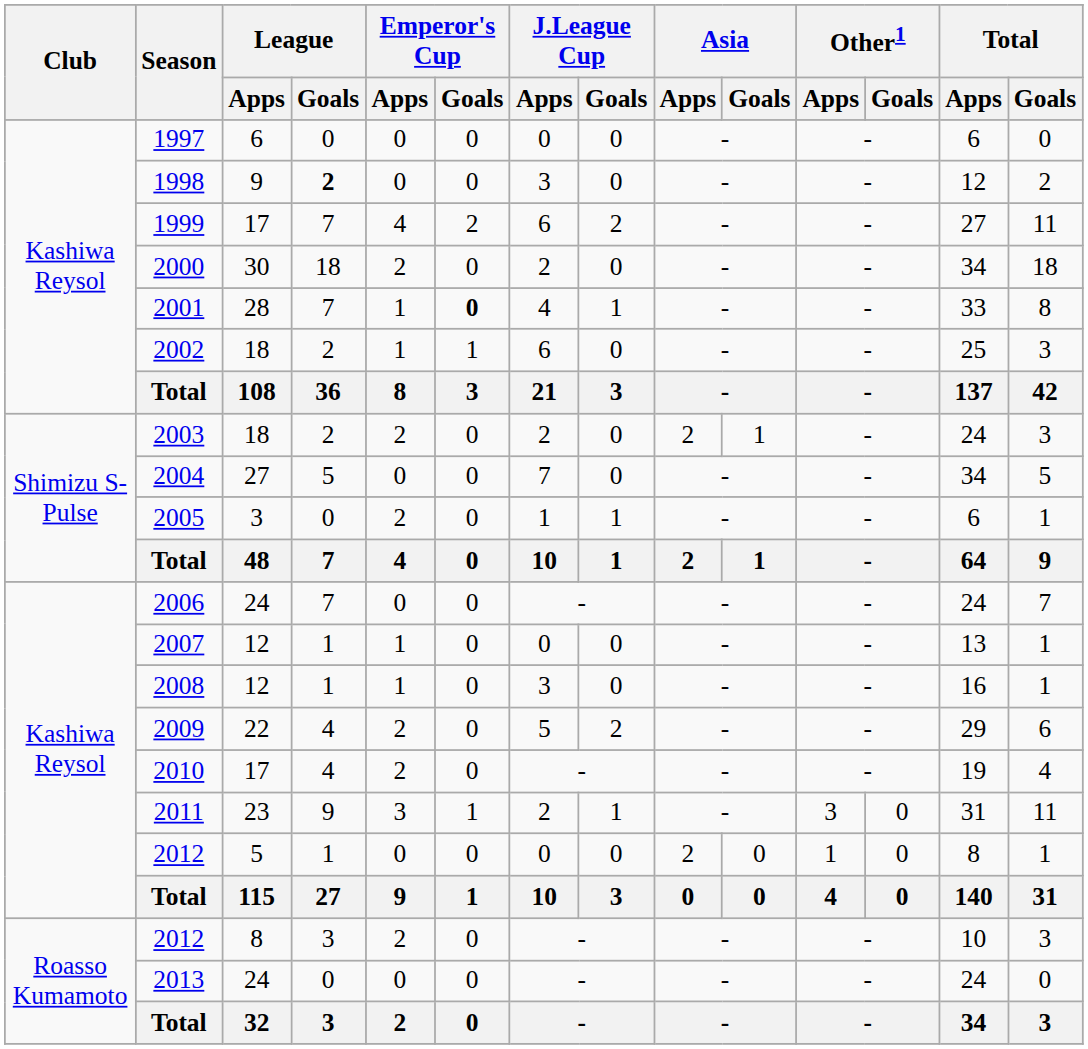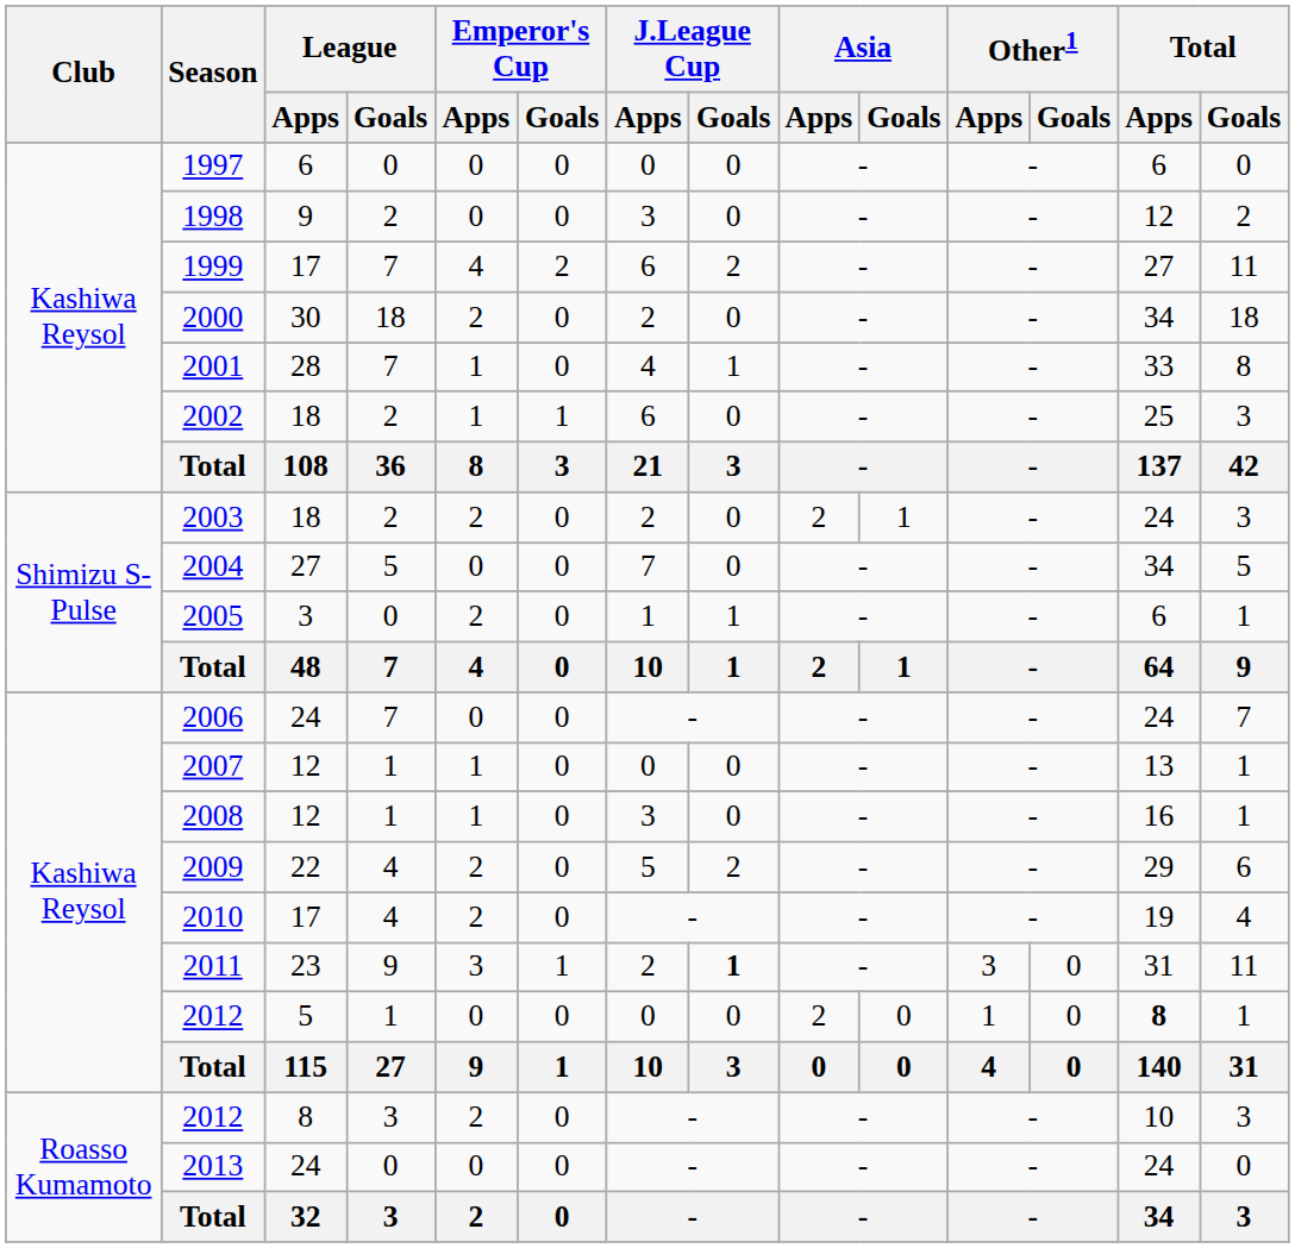 <table class="wikitable" style="font-size:90%; text-align:center;">
 <tr>
 <th rowspan="2">Club</th>
 <th rowspan="2">Season</th>
 <th colspan="2">League</th>
 <th colspan="2"><a href='#'>Emperor's Cup</a></th>
 <th colspan="2"><a href='#'>J.League Cup</a></th>
 <th colspan="2"><a href='#'>Asia</a></th>
 <th colspan="2">Other<sup><a href='#'>1</a></sup></th>
 <th colspan="2">Total</th>
 </tr>
 <tr>
 <th>Apps</th>
 <th>Goals</th>
 <th>Apps</th>
 <th>Goals</th>
 <th>Apps</th>
 <th>Goals</th>
 <th>Apps</th>
 <th>Goals</th>
 <th>Apps</th>
 <th>Goals</th>
 <th>Apps</th>
 <th>Goals</th>
 </tr>
 <tr>
 <td rowspan="7"><a href='#'>Kashiwa Reysol</a></td>
 <td><a href='#'>1997</a></td>
 <td>6</td>
 <td>0</td>
 <td>0</td>
 <td>0</td>
 <td>0</td>
 <td>0</td>
 <td colspan="2">-</td>
 <td colspan="2">-</td>
 <td>6</td>
 <td>0</td>
 </tr>
 <tr>
 <td><a href='#'>1998</a></td>
 <td>9</td>
-<td><strong>2</strong></td>
+<td>2</td>
 <td>0</td>
 <td>0</td>
 <td>3</td>
 <td>0</td>
 <td colspan="2">-</td>
 <td colspan="2">-</td>
 <td>12</td>
 <td>2</td>
 </tr>
 <tr>
 <td><a href='#'>1999</a></td>
 <td>17</td>
 <td>7</td>
 <td>4</td>
 <td>2</td>
 <td>6</td>
 <td>2</td>
 <td colspan="2">-</td>
 <td colspan="2">-</td>
 <td>27</td>
 <td>11</td>
 </tr>
 <tr>
 <td><a href='#'>2000</a></td>
 <td>30</td>
 <td>18</td>
 <td>2</td>
 <td>0</td>
 <td>2</td>
 <td>0</td>
 <td colspan="2">-</td>
 <td colspan="2">-</td>
 <td>34</td>
 <td>18</td>
 </tr>
 <tr>
 <td><a href='#'>2001</a></td>
 <td>28</td>
 <td>7</td>
 <td>1</td>
-<td><strong>0</strong></td>
+<td>0</td>
 <td>4</td>
 <td>1</td>
 <td colspan="2">-</td>
 <td colspan="2">-</td>
 <td>33</td>
 <td>8</td>
 </tr>
 <tr>
 <td><a href='#'>2002</a></td>
 <td>18</td>
 <td>2</td>
 <td>1</td>
 <td>1</td>
 <td>6</td>
 <td>0</td>
 <td colspan="2">-</td>
 <td colspan="2">-</td>
 <td>25</td>
 <td>3</td>
 </tr>
 <tr>
 <th colspan="1">Total</th>
 <th>108</th>
 <th>36</th>
 <th>8</th>
 <th>3</th>
 <th>21</th>
 <th>3</th>
 <th colspan="2">-</th>
 <th colspan="2">-</th>
 <th>137</th>
 <th>42</th>
 </tr>
 <tr>
 <td rowspan="4"><a href='#'>Shimizu S-Pulse</a></td>
 <td><a href='#'>2003</a></td>
 <td>18</td>
 <td>2</td>
 <td>2</td>
 <td>0</td>
 <td>2</td>
 <td>0</td>
 <td>2</td>
 <td>1</td>
 <td colspan="2">-</td>
 <td>24</td>
 <td>3</td>
 </tr>
 <tr>
 <td><a href='#'>2004</a></td>
 <td>27</td>
 <td>5</td>
 <td>0</td>
 <td>0</td>
 <td>7</td>
 <td>0</td>
 <td colspan="2">-</td>
 <td colspan="2">-</td>
 <td>34</td>
 <td>5</td>
 </tr>
 <tr>
 <td><a href='#'>2005</a></td>
 <td>3</td>
 <td>0</td>
 <td>2</td>
 <td>0</td>
 <td>1</td>
 <td>1</td>
 <td colspan="2">-</td>
 <td colspan="2">-</td>
 <td>6</td>
 <td>1</td>
 </tr>
 <tr>
 <th colspan="1">Total</th>
 <th>48</th>
 <th>7</th>
 <th>4</th>
 <th>0</th>
 <th>10</th>
 <th>1</th>
 <th>2</th>
 <th>1</th>
 <th colspan="2">-</th>
 <th>64</th>
 <th>9</th>
 </tr>
 <tr>
 <td rowspan="8"><a href='#'>Kashiwa Reysol</a></td>
 <td><a href='#'>2006</a></td>
 <td>24</td>
 <td>7</td>
 <td>0</td>
 <td>0</td>
 <td colspan="2">-</td>
 <td colspan="2">-</td>
 <td colspan="2">-</td>
 <td>24</td>
 <td>7</td>
 </tr>
 <tr>
 <td><a href='#'>2007</a></td>
 <td>12</td>
 <td>1</td>
 <td>1</td>
 <td>0</td>
 <td>0</td>
 <td>0</td>
 <td colspan="2">-</td>
 <td colspan="2">-</td>
 <td>13</td>
 <td>1</td>
 </tr>
 <tr>
 <td><a href='#'>2008</a></td>
 <td>12</td>
 <td>1</td>
 <td>1</td>
 <td>0</td>
 <td>3</td>
 <td>0</td>
 <td colspan="2">-</td>
 <td colspan="2">-</td>
 <td>16</td>
 <td>1</td>
 </tr>
 <tr>
 <td><a href='#'>2009</a></td>
 <td>22</td>
 <td>4</td>
 <td>2</td>
 <td>0</td>
 <td>5</td>
 <td>2</td>
 <td colspan="2">-</td>
 <td colspan="2">-</td>
 <td>29</td>
 <td>6</td>
 </tr>
 <tr>
 <td><a href='#'>2010</a></td>
 <td>17</td>
 <td>4</td>
 <td>2</td>
 <td>0</td>
 <td colspan="2">-</td>
 <td colspan="2">-</td>
 <td colspan="2">-</td>
 <td>19</td>
 <td>4</td>
 </tr>
 <tr>
 <td><a href='#'>2011</a></td>
 <td>23</td>
 <td>9</td>
 <td>3</td>
 <td>1</td>
 <td>2</td>
-<td>1</td>
+<td><strong>1</strong></td>
 <td colspan="2">-</td>
 <td>3</td>
 <td>0</td>
 <td>31</td>
 <td>11</td>
 </tr>
 <tr>
 <td><a href='#'>2012</a></td>
 <td>5</td>
 <td>1</td>
 <td>0</td>
 <td>0</td>
 <td>0</td>
 <td>0</td>
 <td>2</td>
 <td>0</td>
 <td>1</td>
 <td>0</td>
-<td>8</td>
+<td><strong>8</strong></td>
 <td>1</td>
 </tr>
 <tr>
 <th colspan="1">Total</th>
 <th>115</th>
 <th>27</th>
 <th>9</th>
 <th>1</th>
 <th>10</th>
 <th>3</th>
 <th>0</th>
 <th>0</th>
 <th>4</th>
 <th>0</th>
 <th>140</th>
 <th>31</th>
 </tr>
 <tr>
 <td rowspan="3"><a href='#'>Roasso Kumamoto</a></td>
 <td><a href='#'>2012</a></td>
 <td>8</td>
 <td>3</td>
 <td>2</td>
 <td>0</td>
 <td colspan="2">-</td>
 <td colspan="2">-</td>
 <td colspan="2">-</td>
 <td>10</td>
 <td>3</td>
 </tr>
 <tr>
 <td><a href='#'>2013</a></td>
 <td>24</td>
 <td>0</td>
 <td>0</td>
 <td>0</td>
 <td colspan="2">-</td>
 <td colspan="2">-</td>
 <td colspan="2">-</td>
 <td>24</td>
 <td>0</td>
 </tr>
 <tr>
 <th colspan="1">Total</th>
 <th>32</th>
 <th>3</th>
 <th>2</th>
 <th>0</th>
 <th colspan="2">-</th>
 <th colspan="2">-</th>
 <th colspan="2">-</th>
 <th>34</th>
 <th>3</th>
 </tr>
 </table>
